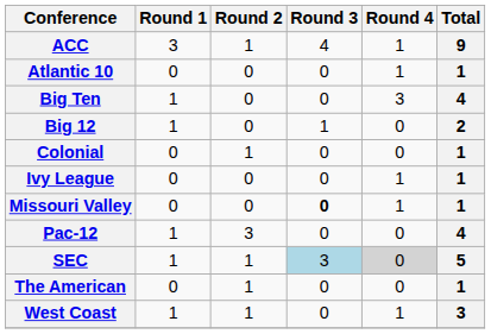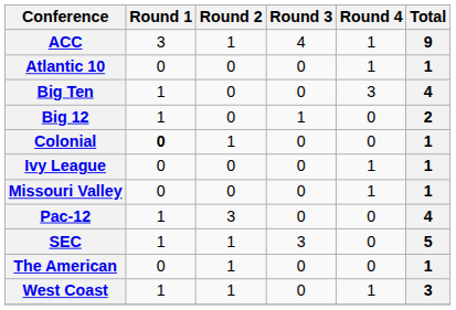 <table class="wikitable sortable" style="text-align:center">
 <tr>
 <th>Conference</th>
 <th>Round 1</th>
 <th>Round 2</th>
 <th>Round 3</th>
 <th>Round 4</th>
 <th>Total</th>
 </tr>
 <tr>
 <th><a href='#'>ACC</a></th>
 <td>3</td>
 <td>1</td>
 <td>4</td>
 <td>1</td>
 <th>9</th>
 </tr>
 <tr>
 <th><a href='#'>Atlantic 10</a></th>
 <td>0</td>
 <td>0</td>
 <td>0</td>
 <td>1</td>
 <th>1</th>
 </tr>
 <tr>
 <th><a href='#'>Big Ten</a></th>
 <td>1</td>
 <td>0</td>
 <td>0</td>
 <td>3</td>
 <th>4</th>
 </tr>
 <tr>
 <th><a href='#'>Big 12</a></th>
 <td>1</td>
 <td>0</td>
 <td>1</td>
 <td>0</td>
 <th>2</th>
 </tr>
 <tr>
 <th><a href='#'>Colonial</a></th>
-<td>0</td>
+<td><strong>0</strong></td>
 <td>1</td>
 <td>0</td>
 <td>0</td>
 <th>1</th>
 </tr>
 <tr>
 <th><a href='#'>Ivy League</a></th>
 <td>0</td>
 <td>0</td>
 <td>0</td>
 <td>1</td>
 <th>1</th>
 </tr>
 <tr>
 <th><a href='#'>Missouri Valley</a></th>
 <td>0</td>
 <td>0</td>
-<td><strong>0</strong></td>
+<td>0</td>
 <td>1</td>
 <th>1</th>
 </tr>
 <tr>
 <th><a href='#'>Pac-12</a></th>
 <td>1</td>
 <td>3</td>
 <td>0</td>
 <td>0</td>
 <th>4</th>
 </tr>
 <tr>
 <th><a href='#'>SEC</a></th>
 <td>1</td>
 <td>1</td>
-<td style="background: lightblue;">3</td>
-<td style="background: lightgrey;">0</td>
+<td>3</td>
+<td>0</td>
 <th>5</th>
 </tr>
 <tr>
 <th><a href='#'>The American</a></th>
 <td>0</td>
 <td>1</td>
 <td>0</td>
 <td>0</td>
 <th>1</th>
 </tr>
 <tr>
 <th><a href='#'>West Coast</a></th>
 <td>1</td>
 <td>1</td>
 <td>0</td>
 <td>1</td>
 <th>3</th>
 </tr>
 <tr>
 </tr>
 </table>
